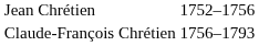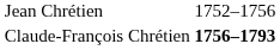 <table>
 <tr>
 <td>Jean Chrétien</td>
 <td>1752–1756</td>
 </tr>
 <tr>
 <td>Claude-François Chrétien</td>
-<td>1756–1793</td>
+<td><strong>1756–1793</strong></td>
 </tr>
 </table>
